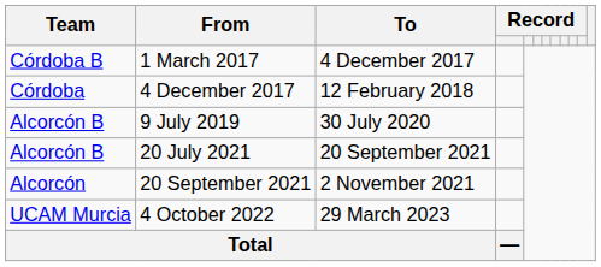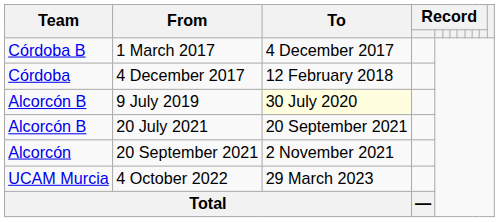 <table class="wikitable" style="text-align: center">
 <tr>
 <th rowspan="2">Team</th>
 <th rowspan="2">From</th>
 <th rowspan="2">To</th>
 <th colspan="8">Record</th>
 <th rowspan=2></th>
 </tr>
 <tr>
 <th></th>
 <th></th>
 <th></th>
 <th></th>
 <th></th>
 <th></th>
 <th></th>
 <th></th>
 </tr>
 <tr>
 <td align=left><a href='#'>Córdoba B</a></td>
 <td align=left>1 March 2017</td>
 <td align=left>4 December 2017<br></td>
 <td></td>
 </tr>
 <tr>
 <td align=left><a href='#'>Córdoba</a></td>
 <td align=left>4 December 2017</td>
 <td align=left>12 February 2018<br></td>
 <td></td>
 </tr>
 <tr>
 <td align=left><a href='#'>Alcorcón B</a></td>
 <td align=left>9 July 2019</td>
-<td align=left>30 July 2020<br></td>
+<td align=left style="background: lightyellow;">30 July 2020<br></td>
 <td></td>
 </tr>
 <tr>
 <td align=left><a href='#'>Alcorcón B</a></td>
 <td align=left>20 July 2021</td>
 <td align=left>20 September 2021<br></td>
 <td></td>
 </tr>
 <tr>
 <td align=left><a href='#'>Alcorcón</a></td>
 <td align=left>20 September 2021</td>
 <td align=left>2 November 2021<br></td>
 <td></td>
 </tr>
 <tr>
 <td align=left><a href='#'>UCAM Murcia</a></td>
 <td align=left>4 October 2022</td>
 <td align=left>29 March 2023<br></td>
 <td></td>
 </tr>
 <tr>
 <th colspan=3>Total<br></th>
 <th>—</th>
 </tr>
 </table>
